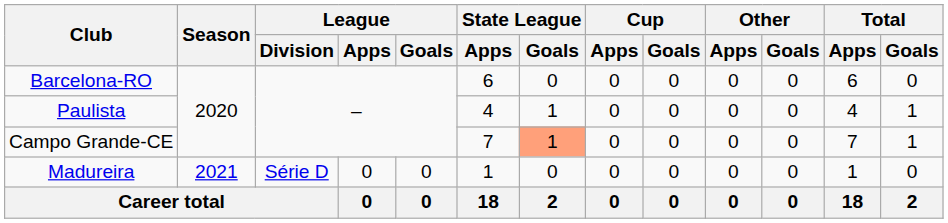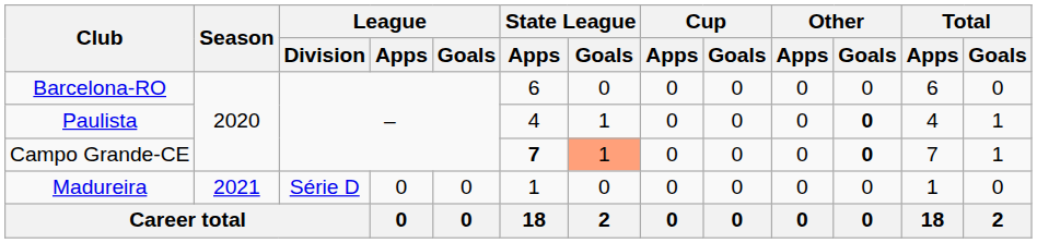 <table class="wikitable" style="text-align: center">
 <tr>
 <th rowspan="2">Club</th>
 <th rowspan="2">Season</th>
 <th colspan="3">League</th>
 <th colspan="2">State League</th>
 <th colspan="2">Cup</th>
 <th colspan="2">Other</th>
 <th colspan="2">Total</th>
 </tr>
 <tr>
 <th>Division</th>
 <th>Apps</th>
 <th>Goals</th>
 <th>Apps</th>
 <th>Goals</th>
 <th>Apps</th>
 <th>Goals</th>
 <th>Apps</th>
 <th>Goals</th>
 <th>Apps</th>
 <th>Goals</th>
 </tr>
 <tr>
 <td><a href='#'>Barcelona-RO</a></td>
 <td rowspan="3">2020</td>
 <td rowspan="3" colspan="3">–</td>
 <td>6</td>
 <td>0</td>
 <td>0</td>
 <td>0</td>
 <td>0</td>
 <td>0</td>
 <td>6</td>
 <td>0</td>
 </tr>
 <tr>
 <td><a href='#'>Paulista</a></td>
 <td>4</td>
 <td>1</td>
 <td>0</td>
 <td>0</td>
 <td>0</td>
-<td>0</td>
+<td><strong>0</strong></td>
 <td>4</td>
 <td>1</td>
 </tr>
 <tr>
 <td>Campo Grande-CE</td>
-<td>7</td>
+<td><strong>7</strong></td>
 <td style="background: lightsalmon;">1</td>
 <td>0</td>
 <td>0</td>
 <td>0</td>
-<td>0</td>
+<td><strong>0</strong></td>
 <td>7</td>
 <td>1</td>
 </tr>
 <tr>
 <td><a href='#'>Madureira</a></td>
 <td><a href='#'>2021</a></td>
 <td><a href='#'>Série D</a></td>
 <td>0</td>
 <td>0</td>
 <td>1</td>
 <td>0</td>
 <td>0</td>
 <td>0</td>
 <td>0</td>
 <td>0</td>
 <td>1</td>
 <td>0</td>
 </tr>
 <tr>
 <th colspan="3"><strong>Career total</strong></th>
 <th>0</th>
 <th>0</th>
 <th>18</th>
 <th>2</th>
 <th>0</th>
 <th>0</th>
 <th>0</th>
 <th>0</th>
 <th>18</th>
 <th>2</th>
 </tr>
 </table>
